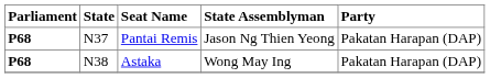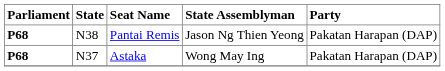 <table class="toccolours sortable" border="1" cellpadding="3" style="border-collapse:collapse; text-align: left;">
 <tr>
 <th align="center">Parliament</th>
 <th>State</th>
 <th>Seat Name</th>
 <th>State Assemblyman</th>
 <th>Party</th>
 </tr>
 <tr>
 <th align="left">P68</th>
-<td>N37</td>
+<td>N38</td>
 <td><a href='#'>Pantai Remis</a></td>
 <td>Jason Ng Thien Yeong</td>
 <td>Pakatan Harapan (DAP)</td>
 </tr>
 <tr>
 <th align="left">P68</th>
-<td>N38</td>
+<td>N37</td>
 <td><a href='#'>Astaka</a></td>
 <td>Wong May Ing</td>
 <td>Pakatan Harapan (DAP)</td>
 </tr>
 <tr>
 </tr>
 </table>
